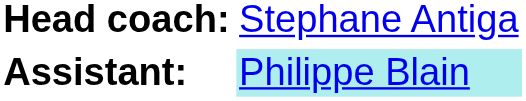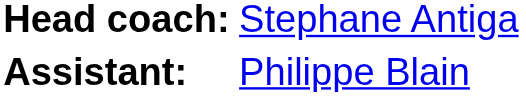 <table>
 <tr>
 <td><strong>Head coach:</strong></td>
 <td><a href='#'>Stephane Antiga</a></td>
 </tr>
 <tr>
 <td><strong>Assistant:</strong></td>
-<td style="background: paleturquoise;"><a href='#'>Philippe Blain</a></td>
+<td><a href='#'>Philippe Blain</a></td>
 </tr>
 </table>
